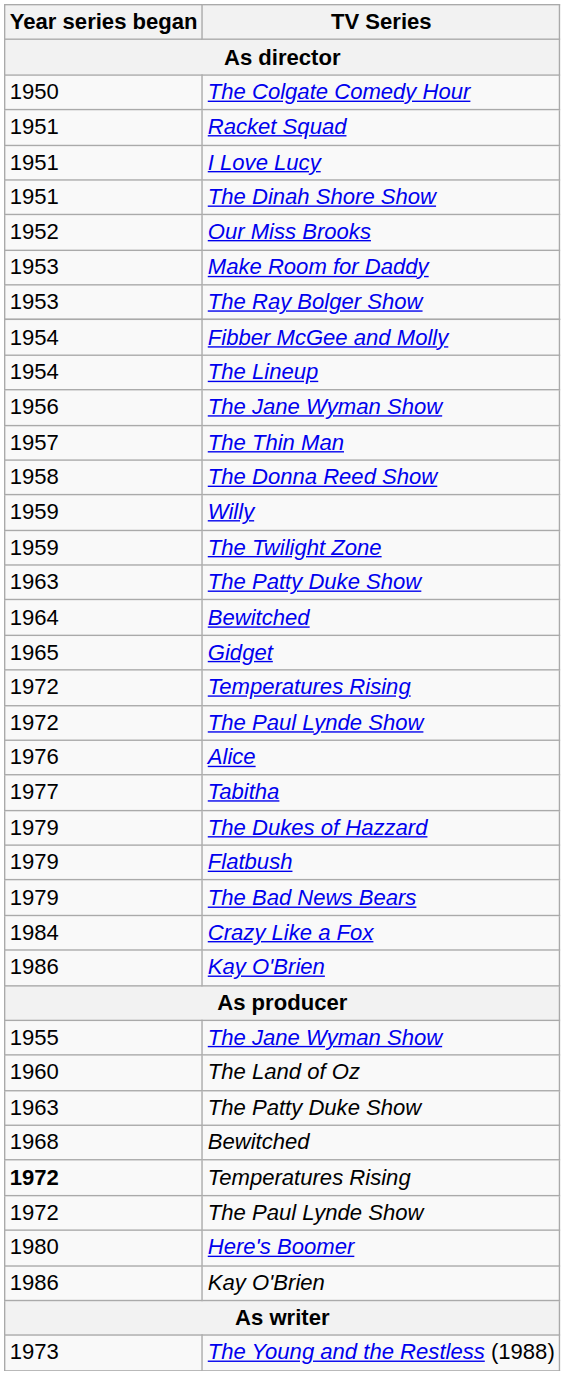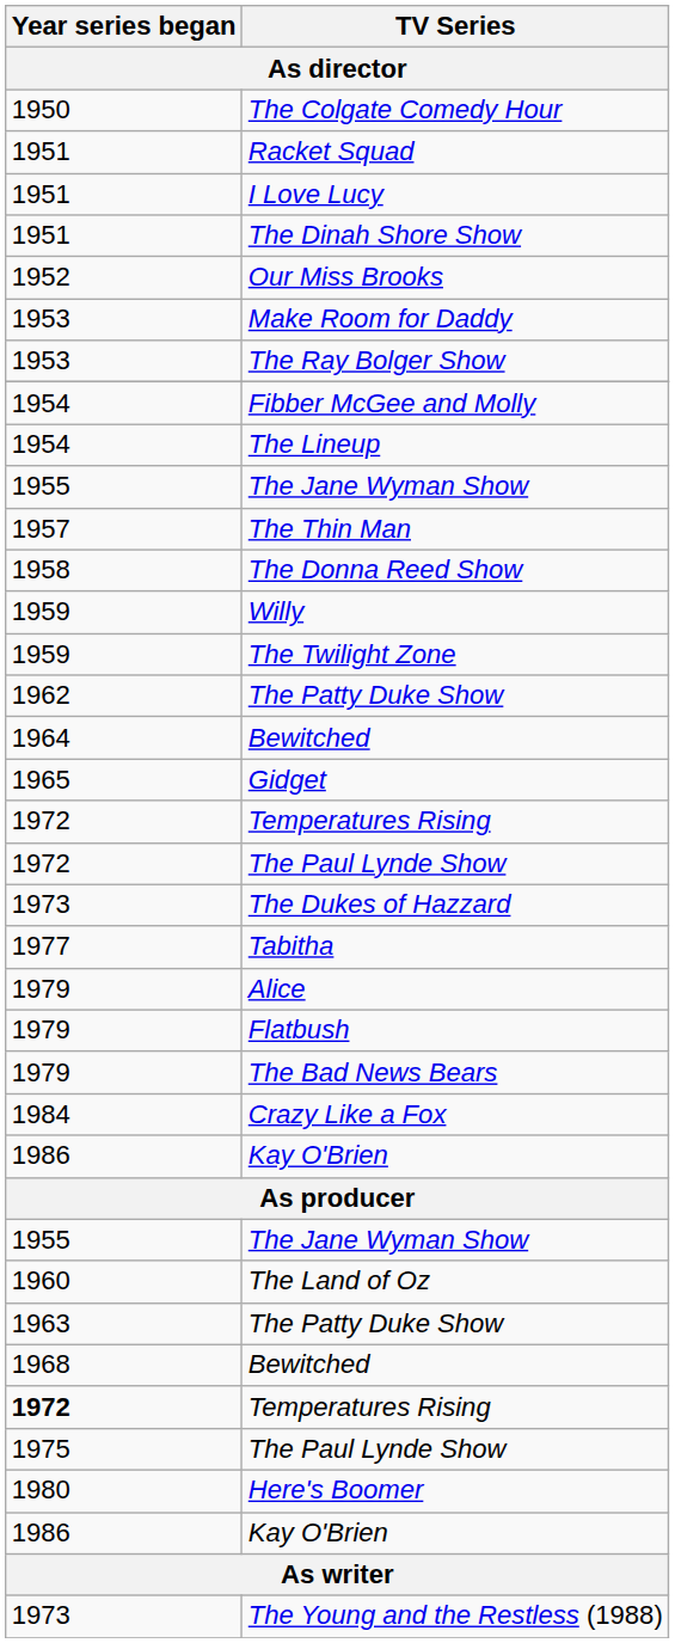 <table class=wikitable>
 <tr>
 <th>Year series began</th>
 <th>TV Series</th>
 </tr>
 <tr>
 <th colspan=2>As director</th>
 </tr>
 <tr>
 <td>1950</td>
 <td><em><a href='#'>The Colgate Comedy Hour</a></em></td>
 </tr>
 <tr>
 <td>1951</td>
 <td><em><a href='#'>Racket Squad</a></em></td>
 </tr>
 <tr>
 <td>1951</td>
 <td><em><a href='#'>I Love Lucy</a></em></td>
 </tr>
 <tr>
 <td>1951</td>
 <td><em><a href='#'>The Dinah Shore Show</a></em></td>
 </tr>
 <tr>
 <td>1952</td>
 <td><em><a href='#'>Our Miss Brooks</a></em></td>
 </tr>
 <tr>
 <td>1953</td>
 <td><em><a href='#'>Make Room for Daddy</a></em></td>
 </tr>
 <tr>
 <td>1953</td>
 <td><em><a href='#'>The Ray Bolger Show</a></em></td>
 </tr>
 <tr 1954||>
 </tr>
 <tr>
 <td>1954</td>
 <td><em><a href='#'>Fibber McGee and Molly</a></em></td>
 </tr>
 <tr>
 <td>1954</td>
 <td><em><a href='#'>The Lineup</a></em></td>
 </tr>
 <tr>
-<td>1956</td>
+<td>1955</td>
 <td><em><a href='#'>The Jane Wyman Show</a></em></td>
 </tr>
 <tr>
 <td>1957</td>
 <td><em><a href='#'>The Thin Man</a></em></td>
 </tr>
 <tr>
 <td>1958</td>
 <td><em><a href='#'>The Donna Reed Show</a></em></td>
 </tr>
 <tr>
 <td>1959</td>
 <td><em><a href='#'>Willy</a></em></td>
 </tr>
 <tr>
 <td>1959</td>
 <td><em><a href='#'>The Twilight Zone</a></em></td>
 </tr>
 <tr>
-<td>1963</td>
+<td>1962</td>
 <td><em><a href='#'>The Patty Duke Show</a></em></td>
 </tr>
 <tr>
 <td>1964</td>
 <td><em><a href='#'>Bewitched</a></em></td>
 </tr>
 <tr>
 <td>1965</td>
 <td><em><a href='#'>Gidget</a></em></td>
 </tr>
 <tr>
 <td>1972</td>
 <td><em><a href='#'>Temperatures Rising</a></em></td>
 </tr>
 <tr>
 <td>1972</td>
 <td><em><a href='#'>The Paul Lynde Show</a></em></td>
 </tr>
 <tr>
-<td>1976</td>
-<td><em><a href='#'>Alice</a></em></td>
+<td>1973</td>
+<td><em><a href='#'>The Dukes of Hazzard</a></em></td>
 </tr>
 <tr>
 <td>1977</td>
 <td><em><a href='#'>Tabitha</a></em></td>
 </tr>
 <tr>
 <td>1979</td>
-<td><em><a href='#'>The Dukes of Hazzard</a></em></td>
+<td><em><a href='#'>Alice</a></em></td>
 </tr>
 <tr>
 <td>1979</td>
 <td><em><a href='#'>Flatbush</a></em></td>
 </tr>
 <tr>
 <td>1979</td>
 <td><em><a href='#'>The Bad News Bears</a></em></td>
 </tr>
 <tr>
 <td>1984</td>
 <td><em><a href='#'>Crazy Like a Fox</a></em></td>
 </tr>
 <tr>
 <td>1986</td>
 <td><em><a href='#'>Kay O'Brien</a></em></td>
 </tr>
 <tr>
 <th colspan=2>As producer</th>
 </tr>
 <tr>
 <td>1955</td>
 <td><em><a href='#'>The Jane Wyman Show</a>       </em></td>
 </tr>
 <tr>
 <td>1960</td>
 <td><em>The Land of Oz</em></td>
 </tr>
 <tr>
 <td>1963</td>
 <td><em>The Patty Duke Show</em></td>
 </tr>
 <tr>
 <td>1968</td>
 <td><em>Bewitched</em></td>
 </tr>
 <tr>
 <td><strong>1972</strong></td>
 <td><em>Temperatures Rising</em></td>
 </tr>
 <tr>
-<td>1972</td>
+<td>1975</td>
 <td><em>The Paul Lynde Show</em></td>
 </tr>
 <tr>
 <td>1980</td>
 <td><em><a href='#'>Here's Boomer</a></em></td>
 </tr>
 <tr>
 <td>1986</td>
 <td><em>Kay O'Brien</em></td>
 </tr>
 <tr>
 <th colspan=2>As writer</th>
 </tr>
 <tr>
 <td>1973</td>
 <td><em><a href='#'>The Young and the Restless</a></em> (1988)</td>
 </tr>
 </table>
